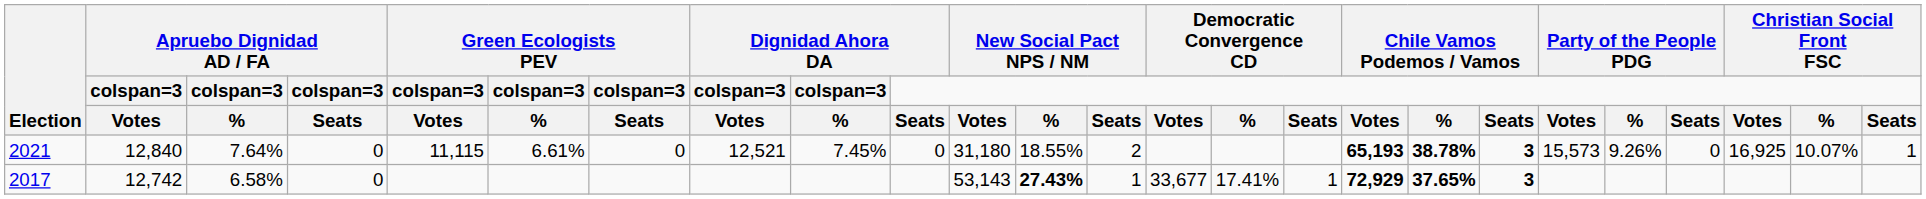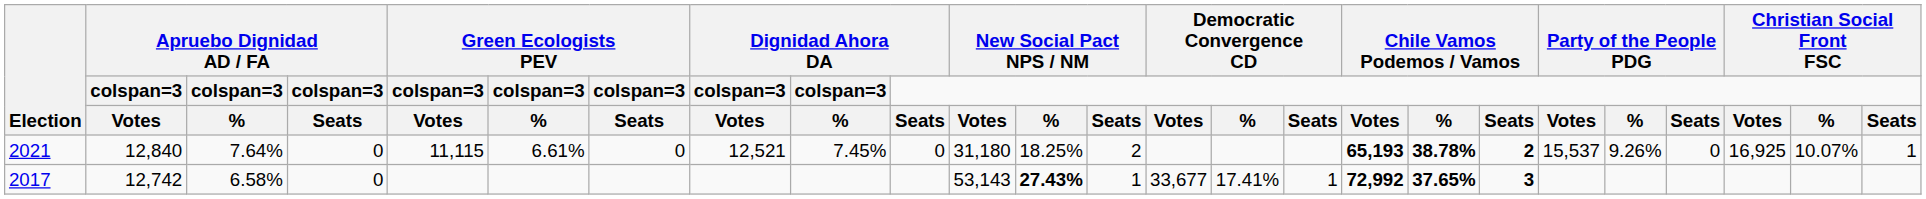 <table class="wikitable" border="1" style="font-size:95%; text-align:right;">
 <tr>
 <th style="text-align:left;" valign=bottom rowspan=3>Election</th>
 <th valign=bottom colspan=3><a href='#'>Apruebo Dignidad</a><br>AD / FA</th>
 <th valign=bottom colspan=3><a href='#'>Green Ecologists</a><br>PEV</th>
 <th valign=bottom colspan=3><a href='#'>Dignidad Ahora</a><br>DA</th>
 <th valign=bottom colspan=3><a href='#'>New Social Pact</a><br>NPS / NM</th>
 <th valign=bottom colspan=3>Democratic<br>Convergence<br>CD</th>
 <th valign=bottom colspan=3><a href='#'>Chile Vamos</a><br>Podemos / Vamos</th>
 <th valign=bottom colspan=3><a href='#'>Party of the People</a><br>PDG</th>
 <th valign=bottom colspan=3><a href='#'>Christian Social Front</a><br>FSC</th>
 </tr>
 <tr>
 <th>colspan=3 </th>
 <th>colspan=3 </th>
 <th>colspan=3 </th>
 <th>colspan=3 </th>
 <th>colspan=3 </th>
 <th>colspan=3 </th>
 <th>colspan=3 </th>
 <th>colspan=3 </th>
 </tr>
 <tr>
 <th>Votes</th>
 <th>%</th>
 <th>Seats</th>
 <th>Votes</th>
 <th>%</th>
 <th>Seats</th>
 <th>Votes</th>
 <th>%</th>
 <th>Seats</th>
 <th>Votes</th>
 <th>%</th>
 <th>Seats</th>
 <th>Votes</th>
 <th>%</th>
 <th>Seats</th>
 <th>Votes</th>
 <th>%</th>
 <th>Seats</th>
 <th>Votes</th>
 <th>%</th>
 <th>Seats</th>
 <th>Votes</th>
 <th>%</th>
 <th>Seats</th>
 </tr>
 <tr>
 <td align=left><a href='#'>2021</a></td>
 <td>12,840</td>
 <td>7.64%</td>
 <td>0</td>
 <td>11,115</td>
 <td>6.61%</td>
 <td>0</td>
 <td>12,521</td>
 <td>7.45%</td>
 <td>0</td>
 <td>31,180</td>
-<td>18.55%</td>
+<td>18.25%</td>
 <td>2</td>
 <td></td>
 <td></td>
 <td></td>
 <td><strong>65,193</strong></td>
 <td><strong>38.78%</strong></td>
-<td><strong>3</strong></td>
-<td>15,573</td>
+<td><strong>2</strong></td>
+<td>15,537</td>
 <td>9.26%</td>
 <td>0</td>
 <td>16,925</td>
 <td>10.07%</td>
 <td>1</td>
 </tr>
 <tr>
 <td align=left><a href='#'>2017</a></td>
 <td>12,742</td>
 <td>6.58%</td>
 <td>0</td>
 <td></td>
 <td></td>
 <td></td>
 <td></td>
 <td></td>
 <td></td>
 <td>53,143</td>
 <td><strong>27.43%</strong></td>
 <td>1</td>
 <td>33,677</td>
 <td>17.41%</td>
 <td>1</td>
-<td><strong>72,929</strong></td>
+<td><strong>72,992</strong></td>
 <td><strong>37.65%</strong></td>
 <td><strong>3</strong></td>
 <td></td>
 <td></td>
 <td></td>
 <td></td>
 <td></td>
 <td></td>
 </tr>
 </table>
